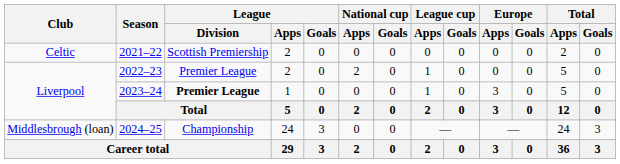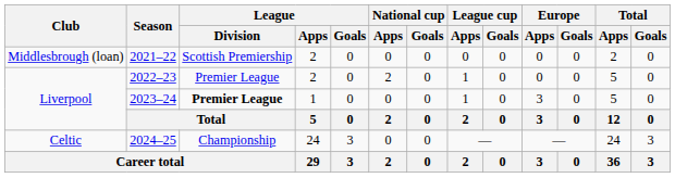 <table class="wikitable" style="text-align:center">
 <tr>
 <th rowspan="2">Club</th>
 <th rowspan="2">Season</th>
 <th colspan="3">League</th>
 <th colspan="2">National cup</th>
 <th colspan="2">League cup</th>
 <th colspan="2">Europe</th>
 <th colspan="2">Total</th>
 </tr>
 <tr>
 <th>Division</th>
 <th>Apps</th>
 <th>Goals</th>
 <th>Apps</th>
 <th>Goals</th>
 <th>Apps</th>
 <th>Goals</th>
 <th>Apps</th>
 <th>Goals</th>
 <th>Apps</th>
 <th>Goals</th>
 </tr>
 <tr>
-<td><a href='#'>Celtic</a></td>
+<td><a href='#'>Middlesbrough</a> (loan)</td>
 <td><a href='#'>2021–22</a></td>
 <td><a href='#'>Scottish Premiership</a></td>
 <td>2</td>
 <td>0</td>
 <td>0</td>
 <td>0</td>
 <td>0</td>
 <td>0</td>
 <td>0</td>
 <td>0</td>
 <td>2</td>
 <td>0</td>
 </tr>
 <tr>
 <td rowspan="3"><a href='#'>Liverpool</a></td>
 <td><a href='#'>2022–23</a></td>
 <td><a href='#'>Premier League</a></td>
 <td>2</td>
 <td>0</td>
 <td>2</td>
 <td>0</td>
 <td>1</td>
 <td>0</td>
 <td>0</td>
 <td>0</td>
 <td>5</td>
 <td>0</td>
 </tr>
 <tr>
 <td><a href='#'>2023–24</a></td>
 <td><strong>Premier League</strong></td>
 <td>1</td>
 <td>0</td>
 <td>0</td>
 <td>0</td>
 <td>1</td>
 <td>0</td>
 <td>3</td>
 <td>0</td>
 <td>5</td>
 <td>0</td>
 </tr>
 <tr>
 <th colspan="2">Total</th>
 <th>5</th>
 <th>0</th>
 <th>2</th>
 <th>0</th>
 <th>2</th>
 <th>0</th>
 <th>3</th>
 <th>0</th>
 <th>12</th>
 <th>0</th>
 </tr>
 <tr>
-<td><a href='#'>Middlesbrough</a> (loan)</td>
+<td><a href='#'>Celtic</a></td>
 <td><a href='#'>2024–25</a></td>
 <td><a href='#'>Championship</a></td>
 <td>24</td>
 <td>3</td>
 <td>0</td>
 <td>0</td>
 <td colspan="2">—</td>
 <td colspan="2">—</td>
 <td>24</td>
 <td>3</td>
 </tr>
 <tr>
 <th colspan="3">Career total</th>
 <th>29</th>
 <th>3</th>
 <th>2</th>
 <th>0</th>
 <th>2</th>
 <th>0</th>
 <th>3</th>
 <th>0</th>
 <th>36</th>
 <th>3</th>
 </tr>
 </table>
